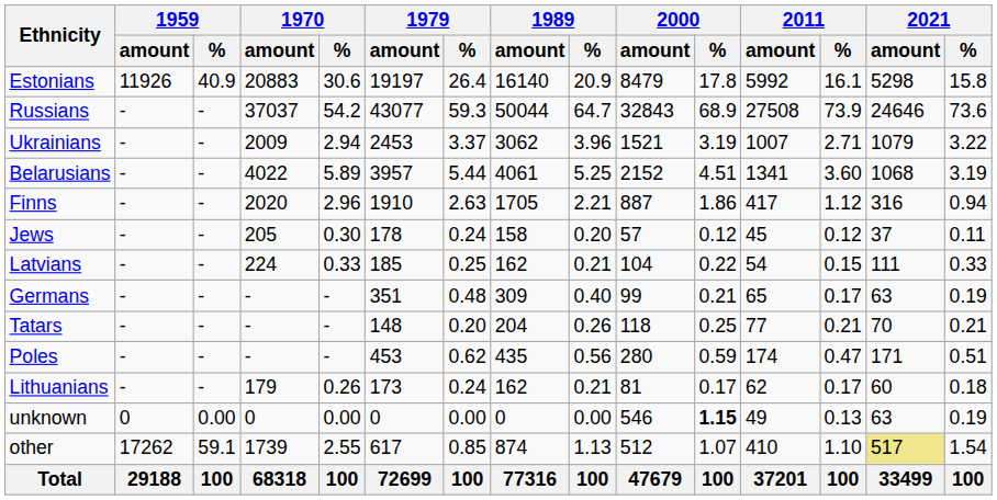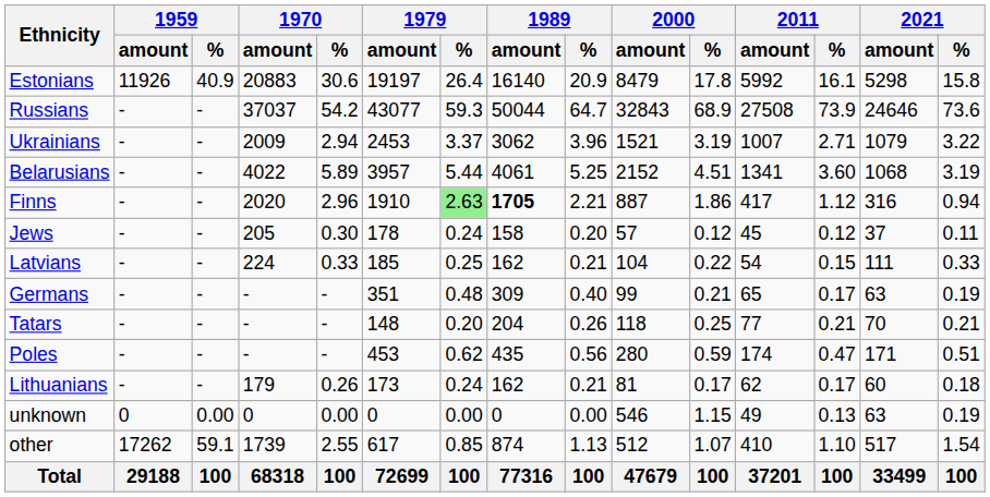 <table class="wikitable sortable">
 <tr>
 <th rowspan="2">Ethnicity</th>
 <th colspan="2"><a href='#'>1959</a></th>
 <th colspan="2"><a href='#'>1970</a></th>
 <th colspan="2"><a href='#'>1979</a></th>
 <th colspan="2"><a href='#'>1989</a></th>
 <th colspan="2"><a href='#'>2000</a></th>
 <th colspan="2"><a href='#'>2011</a></th>
 <th colspan="2"><a href='#'>2021</a></th>
 </tr>
 <tr>
 <th>amount</th>
 <th>%</th>
 <th>amount</th>
 <th>%</th>
 <th>amount</th>
 <th>%</th>
 <th>amount</th>
 <th>%</th>
 <th>amount</th>
 <th>%</th>
 <th>amount</th>
 <th>%</th>
 <th>amount</th>
 <th>%</th>
 </tr>
 <tr>
 <td><a href='#'>Estonians</a></td>
 <td>11926</td>
 <td>40.9</td>
 <td>20883</td>
 <td>30.6</td>
 <td>19197</td>
 <td>26.4</td>
 <td>16140</td>
 <td>20.9</td>
 <td>8479</td>
 <td>17.8</td>
 <td>5992</td>
 <td>16.1</td>
 <td>5298</td>
 <td>15.8</td>
 </tr>
 <tr>
 <td><a href='#'>Russians</a></td>
 <td>-</td>
 <td>-</td>
 <td>37037</td>
 <td>54.2</td>
 <td>43077</td>
 <td>59.3</td>
 <td>50044</td>
 <td>64.7</td>
 <td>32843</td>
 <td>68.9</td>
 <td>27508</td>
 <td>73.9</td>
 <td>24646</td>
 <td>73.6</td>
 </tr>
 <tr>
 <td><a href='#'>Ukrainians</a></td>
 <td>-</td>
 <td>-</td>
 <td>2009</td>
 <td>2.94</td>
 <td>2453</td>
 <td>3.37</td>
 <td>3062</td>
 <td>3.96</td>
 <td>1521</td>
 <td>3.19</td>
 <td>1007</td>
 <td>2.71</td>
 <td>1079</td>
 <td>3.22</td>
 </tr>
 <tr>
 <td><a href='#'>Belarusians</a></td>
 <td>-</td>
 <td>-</td>
 <td>4022</td>
 <td>5.89</td>
 <td>3957</td>
 <td>5.44</td>
 <td>4061</td>
 <td>5.25</td>
 <td>2152</td>
 <td>4.51</td>
 <td>1341</td>
 <td>3.60</td>
 <td>1068</td>
 <td>3.19</td>
 </tr>
 <tr>
 <td><a href='#'>Finns</a></td>
 <td>-</td>
 <td>-</td>
 <td>2020</td>
 <td>2.96</td>
 <td>1910</td>
-<td>2.63</td>
-<td>1705</td>
+<td style="background: lightgreen;">2.63</td>
+<td><strong>1705</strong></td>
 <td>2.21</td>
 <td>887</td>
 <td>1.86</td>
 <td>417</td>
 <td>1.12</td>
 <td>316</td>
 <td>0.94</td>
 </tr>
 <tr>
 <td><a href='#'>Jews</a></td>
 <td>-</td>
 <td>-</td>
 <td>205</td>
 <td>0.30</td>
 <td>178</td>
 <td>0.24</td>
 <td>158</td>
 <td>0.20</td>
 <td>57</td>
 <td>0.12</td>
 <td>45</td>
 <td>0.12</td>
 <td>37</td>
 <td>0.11</td>
 </tr>
 <tr>
 <td><a href='#'>Latvians</a></td>
 <td>-</td>
 <td>-</td>
 <td>224</td>
 <td>0.33</td>
 <td>185</td>
 <td>0.25</td>
 <td>162</td>
 <td>0.21</td>
 <td>104</td>
 <td>0.22</td>
 <td>54</td>
 <td>0.15</td>
 <td>111</td>
 <td>0.33</td>
 </tr>
 <tr>
 <td><a href='#'>Germans</a></td>
 <td>-</td>
 <td>-</td>
 <td>-</td>
 <td>-</td>
 <td>351</td>
 <td>0.48</td>
 <td>309</td>
 <td>0.40</td>
 <td>99</td>
 <td>0.21</td>
 <td>65</td>
 <td>0.17</td>
 <td>63</td>
 <td>0.19</td>
 </tr>
 <tr>
 <td><a href='#'>Tatars</a></td>
 <td>-</td>
 <td>-</td>
 <td>-</td>
 <td>-</td>
 <td>148</td>
 <td>0.20</td>
 <td>204</td>
 <td>0.26</td>
 <td>118</td>
 <td>0.25</td>
 <td>77</td>
 <td>0.21</td>
 <td>70</td>
 <td>0.21</td>
 </tr>
 <tr>
 <td><a href='#'>Poles</a></td>
 <td>-</td>
 <td>-</td>
 <td>-</td>
 <td>-</td>
 <td>453</td>
 <td>0.62</td>
 <td>435</td>
 <td>0.56</td>
 <td>280</td>
 <td>0.59</td>
 <td>174</td>
 <td>0.47</td>
 <td>171</td>
 <td>0.51</td>
 </tr>
 <tr>
 <td><a href='#'>Lithuanians</a></td>
 <td>-</td>
 <td>-</td>
 <td>179</td>
 <td>0.26</td>
 <td>173</td>
 <td>0.24</td>
 <td>162</td>
 <td>0.21</td>
 <td>81</td>
 <td>0.17</td>
 <td>62</td>
 <td>0.17</td>
 <td>60</td>
 <td>0.18</td>
 </tr>
 <tr>
 <td>unknown</td>
 <td>0</td>
 <td>0.00</td>
 <td>0</td>
 <td>0.00</td>
 <td>0</td>
 <td>0.00</td>
 <td>0</td>
 <td>0.00</td>
 <td>546</td>
-<td><strong>1.15</strong></td>
+<td>1.15</td>
 <td>49</td>
 <td>0.13</td>
 <td>63</td>
 <td>0.19</td>
 </tr>
 <tr>
 <td>other</td>
 <td>17262</td>
 <td>59.1</td>
 <td>1739</td>
 <td>2.55</td>
 <td>617</td>
 <td>0.85</td>
 <td>874</td>
 <td>1.13</td>
 <td>512</td>
 <td>1.07</td>
 <td>410</td>
 <td>1.10</td>
-<td style="background: khaki;">517</td>
+<td>517</td>
 <td>1.54</td>
 </tr>
 <tr>
 <th>Total</th>
 <th>29188</th>
 <th>100</th>
 <th>68318</th>
 <th>100</th>
 <th>72699</th>
 <th>100</th>
 <th>77316</th>
 <th>100</th>
 <th>47679</th>
 <th>100</th>
 <th>37201</th>
 <th>100</th>
 <th>33499</th>
 <th>100</th>
 </tr>
 </table>
